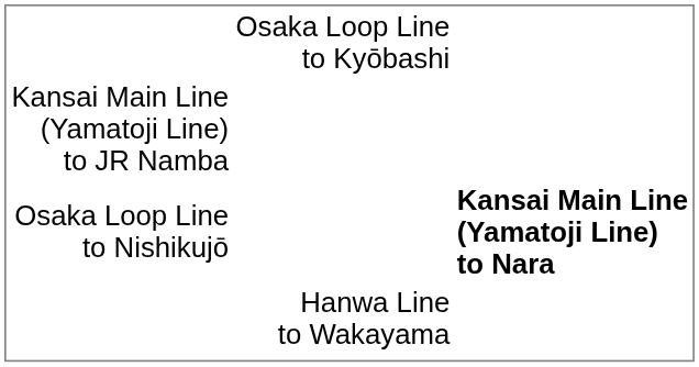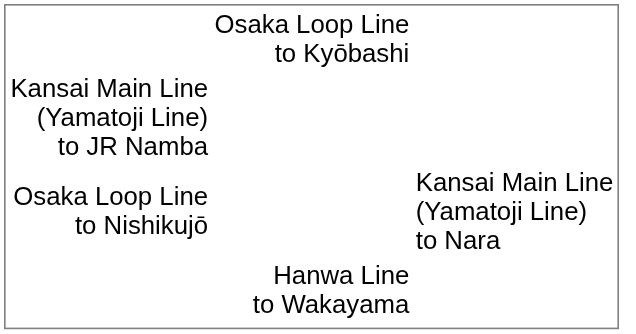 <table style="border:1px solid grey;">
 <tr>
 <td></td>
 <td align=right>Osaka Loop Line<br>to Kyōbashi</td>
 </tr>
 <tr>
 <td valign=bottom align=right>Kansai Main Line<br>(Yamatoji Line)<br>to JR Namba</td>
 <td valign=middle rowspan=2></td>
 </tr>
 <tr>
 <td valign=middle align=right>Osaka Loop Line<br>to Nishikujō</td>
-<td valign=middle><strong>Kansai Main Line<br>(Yamatoji Line)<br>to Nara</strong></td>
+<td valign=middle>Kansai Main Line<br>(Yamatoji Line)<br>to Nara</td>
 </tr>
 <tr>
 <td></td>
 <td align=right>Hanwa Line<br>to Wakayama</td>
 </tr>
 <tr>
 </tr>
 </table>
